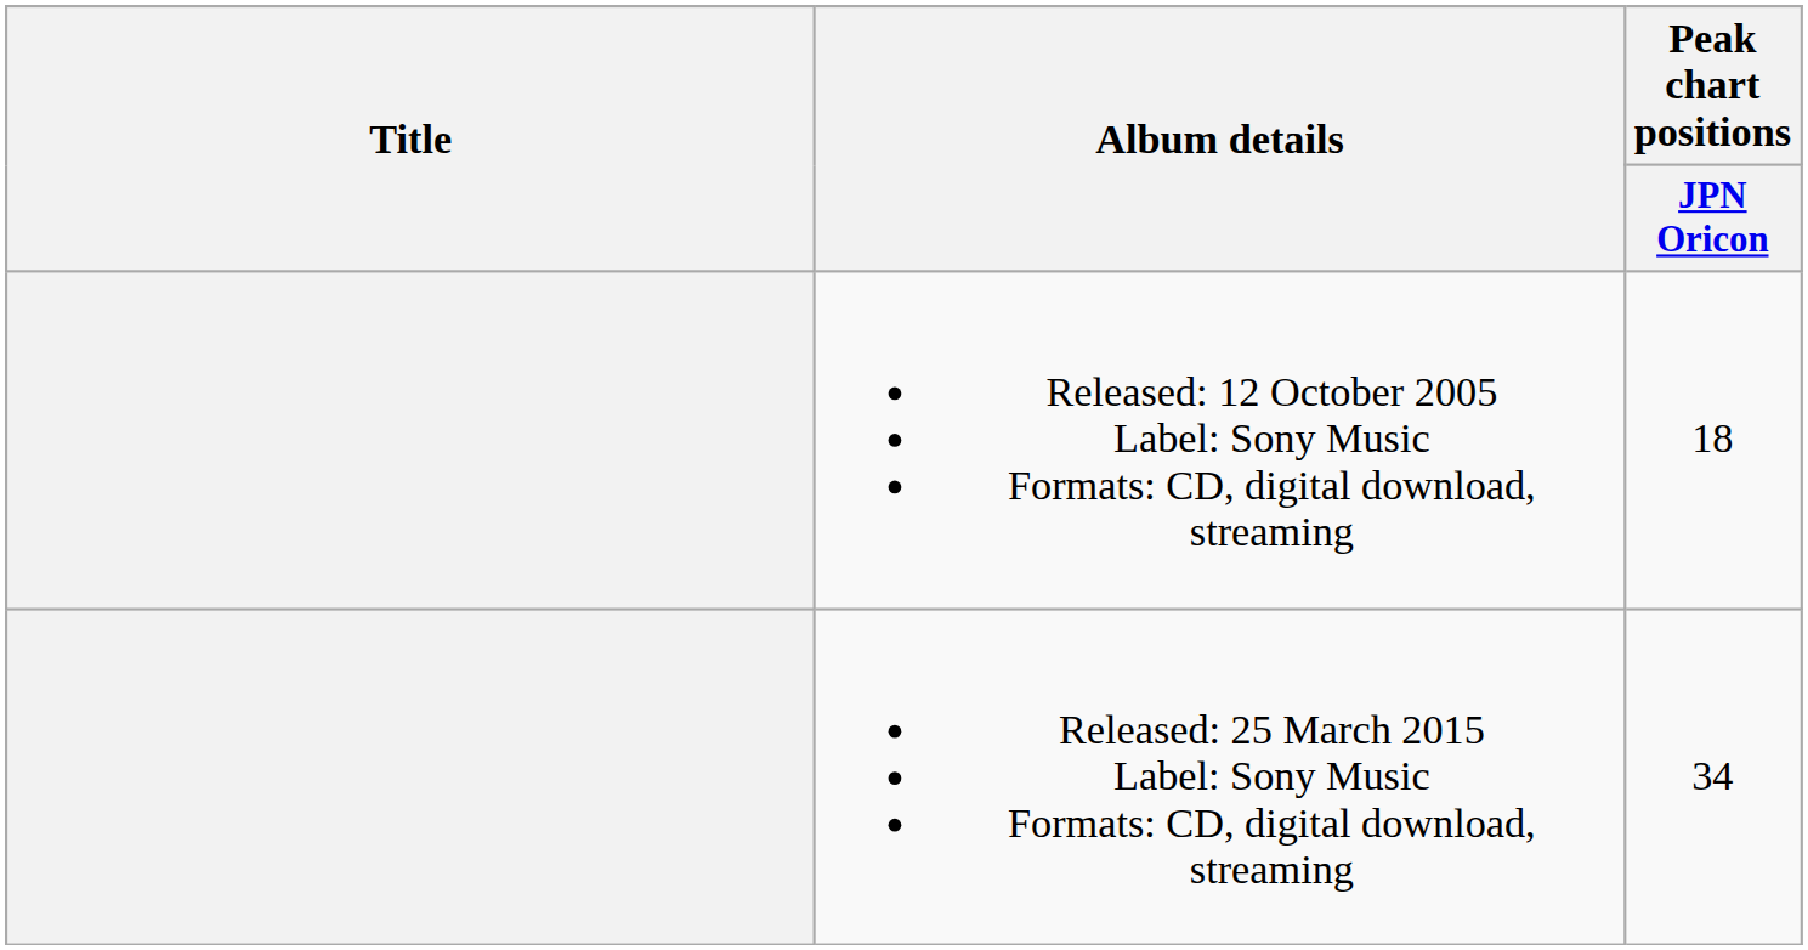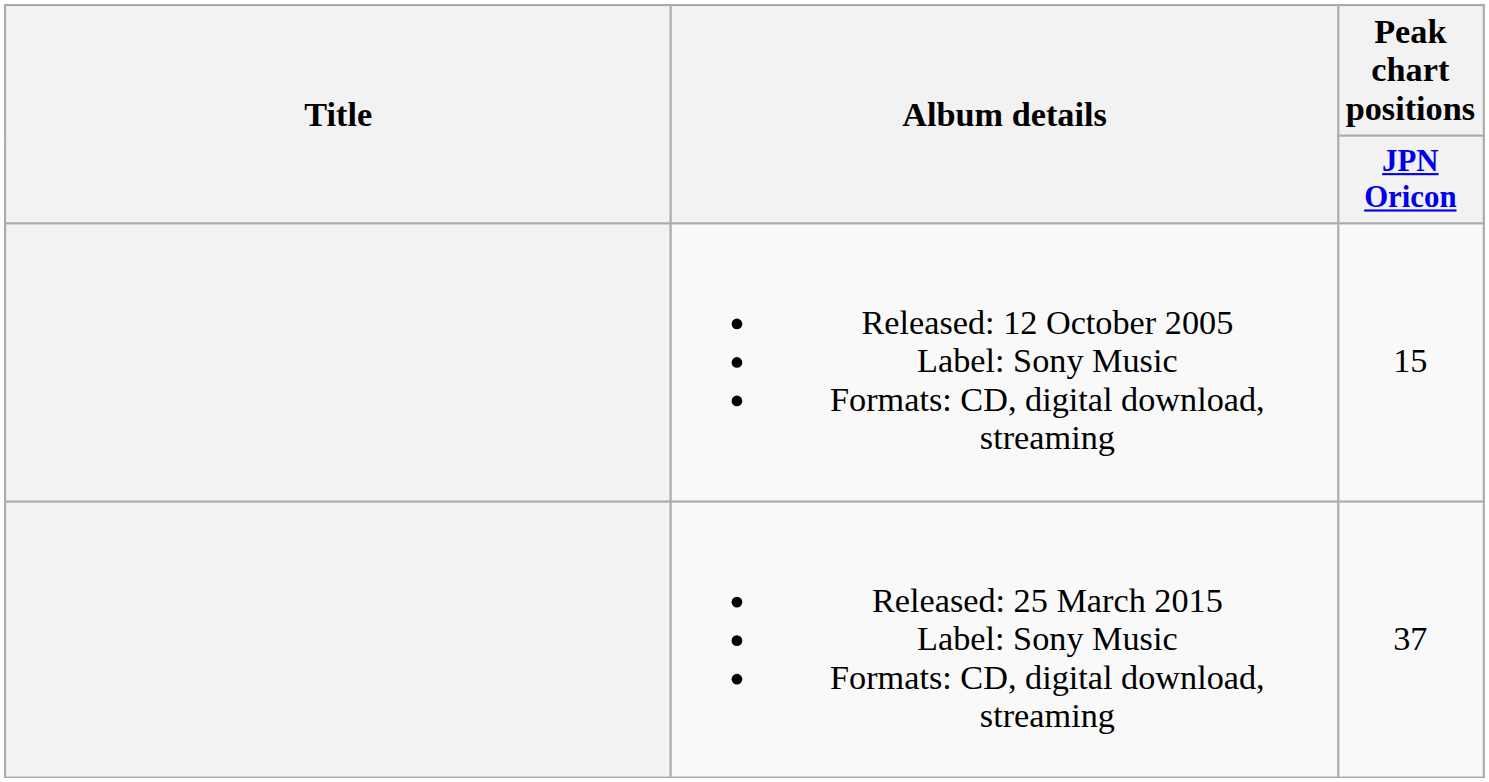 <table class="wikitable plainrowheaders" style="text-align:center;">
 <tr>
 <th scope="col" rowspan="2" style="width:19em;">Title</th>
 <th scope="col" rowspan="2" style="width:19em;">Album details</th>
 <th scope="col">Peak chart positions</th>
 </tr>
 <tr>
 <th scope="col" style="width:2.9em;font-size:90%;"><a href='#'>JPN<br>Oricon</a><br></th>
 </tr>
 <tr>
 <th scope="row"></th>
 <td><br><ul><li>Released: 12 October 2005</li><li>Label: Sony Music</li><li>Formats: CD, digital download, streaming</li></ul></td>
-<td>18</td>
+<td>15</td>
 </tr>
 <tr>
 <th scope="row"></th>
 <td><br><ul><li>Released: 25 March 2015</li><li>Label: Sony Music</li><li>Formats: CD, digital download, streaming</li></ul></td>
-<td>34</td>
+<td>37</td>
 </tr>
 </table>
